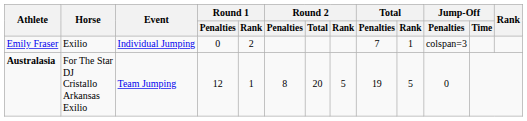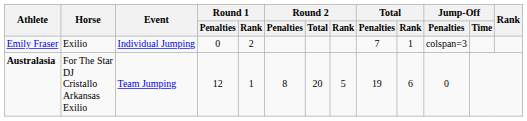 <table class="wikitable" border="1" style="font-size:90%">
 <tr>
 <th rowspan=2>Athlete</th>
 <th rowspan=2>Horse</th>
 <th rowspan=2>Event</th>
 <th colspan=2>Round 1</th>
 <th colspan=3>Round 2</th>
 <th colspan=2>Total</th>
 <th colspan=2>Jump-Off</th>
 <th rowspan=2>Rank</th>
 </tr>
 <tr style="font-size:95%">
 <th>Penalties</th>
 <th>Rank</th>
 <th>Penalties</th>
 <th>Total</th>
 <th>Rank</th>
 <th>Penalties</th>
 <th>Rank</th>
 <th>Penalties</th>
 <th>Time</th>
 </tr>
 <tr align=center>
 <td align=left><a href='#'>Emily Fraser</a></td>
 <td align=left>Exilio</td>
 <td align=left><a href='#'>Individual Jumping</a></td>
 <td>0</td>
 <td>2</td>
 <td></td>
 <td></td>
 <td></td>
 <td>7</td>
 <td>1</td>
 <td>colspan=3 </td>
 <td></td>
 <td></td>
 </tr>
 <tr align=center>
 <td align=left><strong>Australasia</strong><br><br><br><br><br></td>
 <td align=left valign=bottom>For The Star<br>DJ<br>Cristallo<br>Arkansas<br>Exilio</td>
 <td align=left><a href='#'>Team Jumping</a></td>
 <td>12</td>
 <td>1</td>
 <td>8</td>
 <td>20</td>
 <td>5</td>
 <td>19</td>
-<td>5</td>
+<td>6</td>
 <td>0</td>
 </tr>
 </table>
